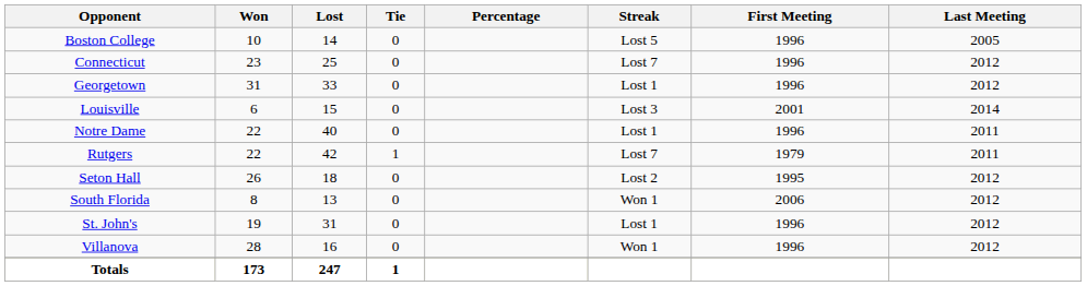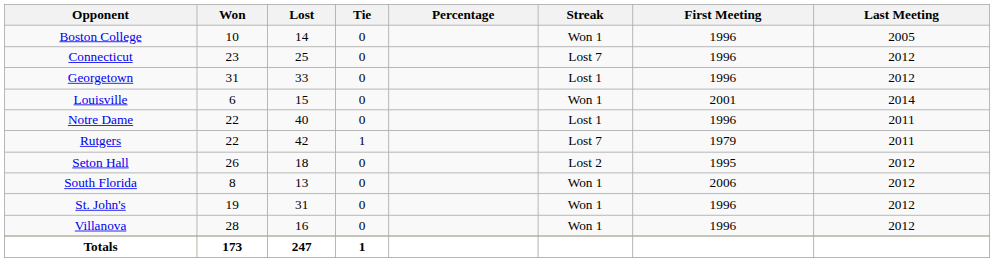 <table cellpadding="1" style="width:75%;" class="wikitable">
 <tr>
 <th>Opponent</th>
 <th>Won</th>
 <th>Lost</th>
 <th>Tie</th>
 <th>Percentage</th>
 <th>Streak</th>
 <th>First Meeting</th>
 <th>Last Meeting</th>
 </tr>
 <tr style="text-align:center;">
 <td><a href='#'>Boston College</a></td>
 <td>10</td>
 <td>14</td>
 <td>0</td>
 <td></td>
-<td>Lost 5</td>
+<td>Won 1</td>
 <td>1996</td>
 <td>2005</td>
 </tr>
 <tr style="text-align:center;">
 <td><a href='#'>Connecticut</a></td>
 <td>23</td>
 <td>25</td>
 <td>0</td>
 <td></td>
 <td>Lost 7</td>
 <td>1996</td>
 <td>2012</td>
 </tr>
 <tr style="text-align:center;">
 <td><a href='#'>Georgetown</a></td>
 <td>31</td>
 <td>33</td>
 <td>0</td>
 <td></td>
 <td>Lost 1</td>
 <td>1996</td>
 <td>2012</td>
 </tr>
 <tr style="text-align:center;">
 <td><a href='#'>Louisville</a></td>
 <td>6</td>
 <td>15</td>
 <td>0</td>
 <td></td>
-<td>Lost 3</td>
+<td>Won 1</td>
 <td>2001</td>
 <td>2014</td>
 </tr>
 <tr style="text-align:center;">
 <td><a href='#'>Notre Dame</a></td>
 <td>22</td>
 <td>40</td>
 <td>0</td>
 <td></td>
 <td>Lost 1</td>
 <td>1996</td>
 <td>2011</td>
 </tr>
 <tr style="text-align:center;">
 <td><a href='#'>Rutgers</a></td>
 <td>22</td>
 <td>42</td>
 <td>1</td>
 <td></td>
 <td>Lost 7</td>
 <td>1979</td>
 <td>2011</td>
 </tr>
 <tr style="text-align:center;">
 <td><a href='#'>Seton Hall</a></td>
 <td>26</td>
 <td>18</td>
 <td>0</td>
 <td></td>
 <td>Lost 2</td>
 <td>1995</td>
 <td>2012</td>
 </tr>
 <tr style="text-align:center;">
 <td><a href='#'>South Florida</a></td>
 <td>8</td>
 <td>13</td>
 <td>0</td>
 <td></td>
 <td>Won 1</td>
 <td>2006</td>
 <td>2012</td>
 </tr>
 <tr style="text-align:center;">
 <td><a href='#'>St. John's</a></td>
 <td>19</td>
 <td>31</td>
 <td>0</td>
 <td></td>
-<td>Lost 1</td>
+<td>Won 1</td>
 <td>1996</td>
 <td>2012</td>
 </tr>
 <tr style="text-align:center;">
 <td><a href='#'>Villanova</a></td>
 <td>28</td>
 <td>16</td>
 <td>0</td>
 <td></td>
 <td>Won 1</td>
 <td>1996</td>
 <td>2012</td>
 </tr>
 <tr style="text-align:center;">
 </tr>
 <tr class="unsortable" style="text-align:center; background:#CCCC66;">
 <th style="background:white; color:black;"><strong>Totals</strong></th>
 <th style="background:white; color:black;"><strong>173</strong></th>
 <th style="background:white; color:black;"><strong>247</strong></th>
 <th style="background:white; color:black;"><strong>1</strong></th>
 <th style="background:white; color:black;"><strong></strong></th>
 <th style="background:white; color:black;"></th>
 <th style="background:white; color:black;"></th>
 <th style="background:white; color:black;"></th>
 </tr>
 </table>
